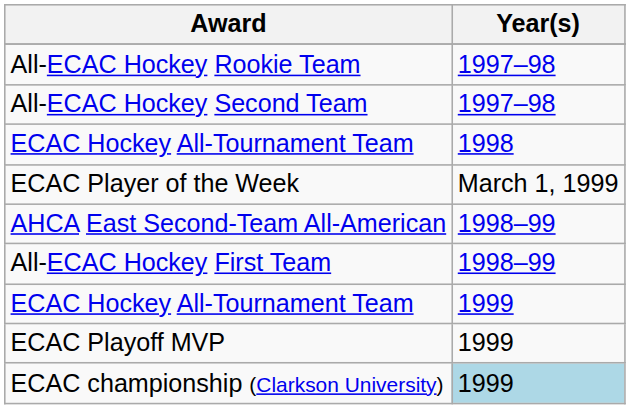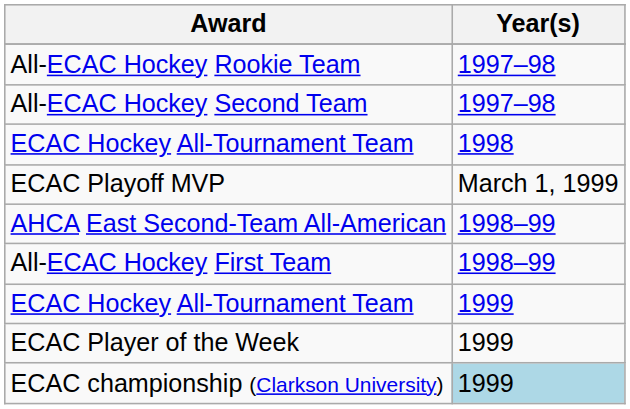 <table class="wikitable">
 <tr>
 <th>Award</th>
 <th>Year(s)</th>
 </tr>
 <tr>
 </tr>
 <tr>
 <td>All-<a href='#'>ECAC Hockey</a> <a href='#'>Rookie Team</a></td>
 <td><a href='#'>1997–98</a></td>
 </tr>
 <tr>
 <td>All-<a href='#'>ECAC Hockey</a> <a href='#'>Second Team</a></td>
 <td><a href='#'>1997–98</a></td>
 </tr>
 <tr>
 <td><a href='#'>ECAC Hockey</a> <a href='#'>All-Tournament Team</a></td>
 <td><a href='#'>1998</a></td>
 </tr>
 <tr>
-<td>ECAC Player of the Week</td>
+<td>ECAC Playoff MVP</td>
 <td>March 1, 1999</td>
 </tr>
 <tr>
 <td><a href='#'>AHCA</a> <a href='#'>East Second-Team All-American</a></td>
 <td><a href='#'>1998–99</a></td>
 </tr>
 <tr>
 <td>All-<a href='#'>ECAC Hockey</a> <a href='#'>First Team</a></td>
 <td><a href='#'>1998–99</a></td>
 </tr>
 <tr>
 <td><a href='#'>ECAC Hockey</a> <a href='#'>All-Tournament Team</a></td>
 <td><a href='#'>1999</a></td>
 </tr>
 <tr>
-<td>ECAC Playoff MVP</td>
+<td>ECAC Player of the Week</td>
 <td>1999</td>
 </tr>
 <tr>
 <td>ECAC championship <small>(<a href='#'>Clarkson University</a>)</small></td>
 <td style="background: lightblue;">1999</td>
 </tr>
 </table>
